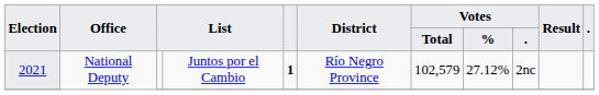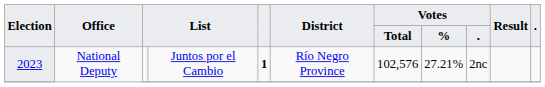 <table class="wikitable" style="font-size:90%; text-align:center;">
 <tr>
 <th style="background-color:#EAECF0;" rowspan=2>Election</th>
 <th style="background-color:#EAECF0;" rowspan=2>Office</th>
 <th style="background-color:#EAECF0;" colspan=2 rowspan=2>List</th>
 <th style="background-color:#EAECF0;" rowspan=2></th>
 <th style="background-color:#EAECF0;" rowspan=2>District</th>
 <th style="background-color:#EAECF0;" colspan=3>Votes</th>
 <th style="background-color:#EAECF0;" rowspan=2>Result</th>
 <th style="background-color:#EAECF0;" rowspan=2>.</th>
 </tr>
 <tr>
 <th style="background-color:#EAECF0;">Total</th>
 <th style="background-color:#EAECF0;">%</th>
 <th style="background-color:#EAECF0;">.</th>
 </tr>
 <tr>
-<td style="background-color:#EAECF0;"><a href='#'>2021</a></td>
+<td style="background-color:#EAECF0;"><a href='#'>2023</a></td>
 <td rowspan="2"><a href='#'>National Deputy</a></td>
 <td style="background-color:"></td>
 <td><a href='#'>Juntos por el Cambio</a></td>
 <td><strong>1</strong></td>
 <td><a href='#'>Río Negro Province</a></td>
-<td>102,579</td>
-<td>27.12%</td>
+<td>102,576</td>
+<td>27.21%</td>
 <td>2nc</td>
 <td></td>
 <td></td>
 </tr>
 <tr>
 </tr>
 </table>
